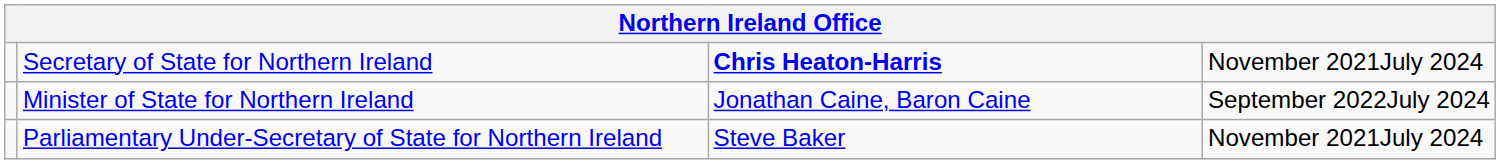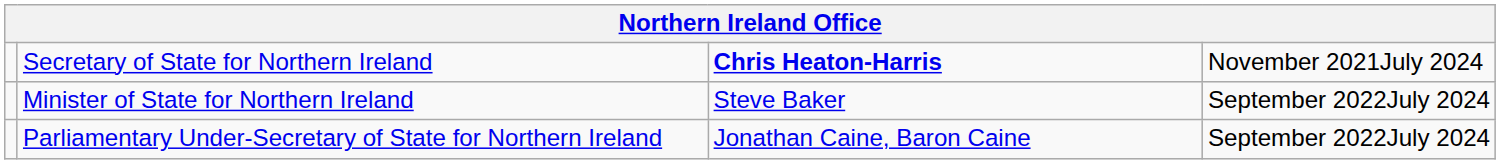 <table class="wikitable">
 <tr>
 <th colspan="4"><a href='#'>Northern Ireland Office</a></th>
 </tr>
 <tr>
 <td rowspan=1 style="width: 1px; background: "></td>
 <td rowspan=1 style="width: 450px;"><a href='#'>Secretary of State for Northern Ireland</a></td>
 <td style="width: 320px;"><strong><a href='#'>Chris Heaton-Harris</a></strong></td>
 <td>November 2021July 2024</td>
 </tr>
 <tr>
 <td rowspan=1 style="width: 1px; background: "></td>
 <td rowspan=1><a href='#'>Minister of State for Northern Ireland</a></td>
-<td><a href='#'>Jonathan Caine, Baron Caine</a> </td>
+<td><a href='#'>Steve Baker</a></td>
 <td>September 2022July 2024</td>
 </tr>
 <tr>
 <td rowspan=1 style="width: 1px; background: "></td>
 <td rowspan=1><a href='#'>Parliamentary Under-Secretary of State for Northern Ireland</a></td>
-<td><a href='#'>Steve Baker</a></td>
-<td>November 2021July 2024</td>
+<td><a href='#'>Jonathan Caine, Baron Caine</a> </td>
+<td>September 2022July 2024</td>
 </tr>
 </table>
